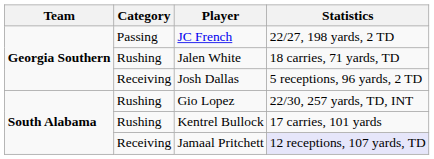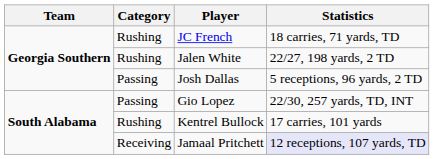 <table class="wikitable" style="float: right;">
 <tr>
 <th>Team</th>
 <th>Category</th>
 <th>Player</th>
 <th>Statistics</th>
 </tr>
 <tr>
 <td rowspan=3><strong>Georgia Southern</strong></td>
-<td>Passing</td>
+<td>Rushing</td>
 <td><a href='#'>JC French</a></td>
-<td>22/27, 198 yards, 2 TD</td>
+<td>18 carries, 71 yards, TD</td>
 </tr>
 <tr>
 <td>Rushing</td>
 <td>Jalen White</td>
-<td>18 carries, 71 yards, TD</td>
+<td>22/27, 198 yards, 2 TD</td>
 </tr>
 <tr>
-<td>Receiving</td>
+<td>Passing</td>
 <td>Josh Dallas</td>
 <td>5 receptions, 96 yards, 2 TD</td>
 </tr>
 <tr>
 <td rowspan=3><strong>South Alabama</strong></td>
-<td>Rushing</td>
+<td>Passing</td>
 <td>Gio Lopez</td>
 <td>22/30, 257 yards, TD, INT</td>
 </tr>
 <tr>
 <td>Rushing</td>
 <td>Kentrel Bullock</td>
 <td>17 carries, 101 yards</td>
 </tr>
 <tr>
 <td>Receiving</td>
 <td>Jamaal Pritchett</td>
 <td style="background: lavender;">12 receptions, 107 yards, TD</td>
 </tr>
 </table>
